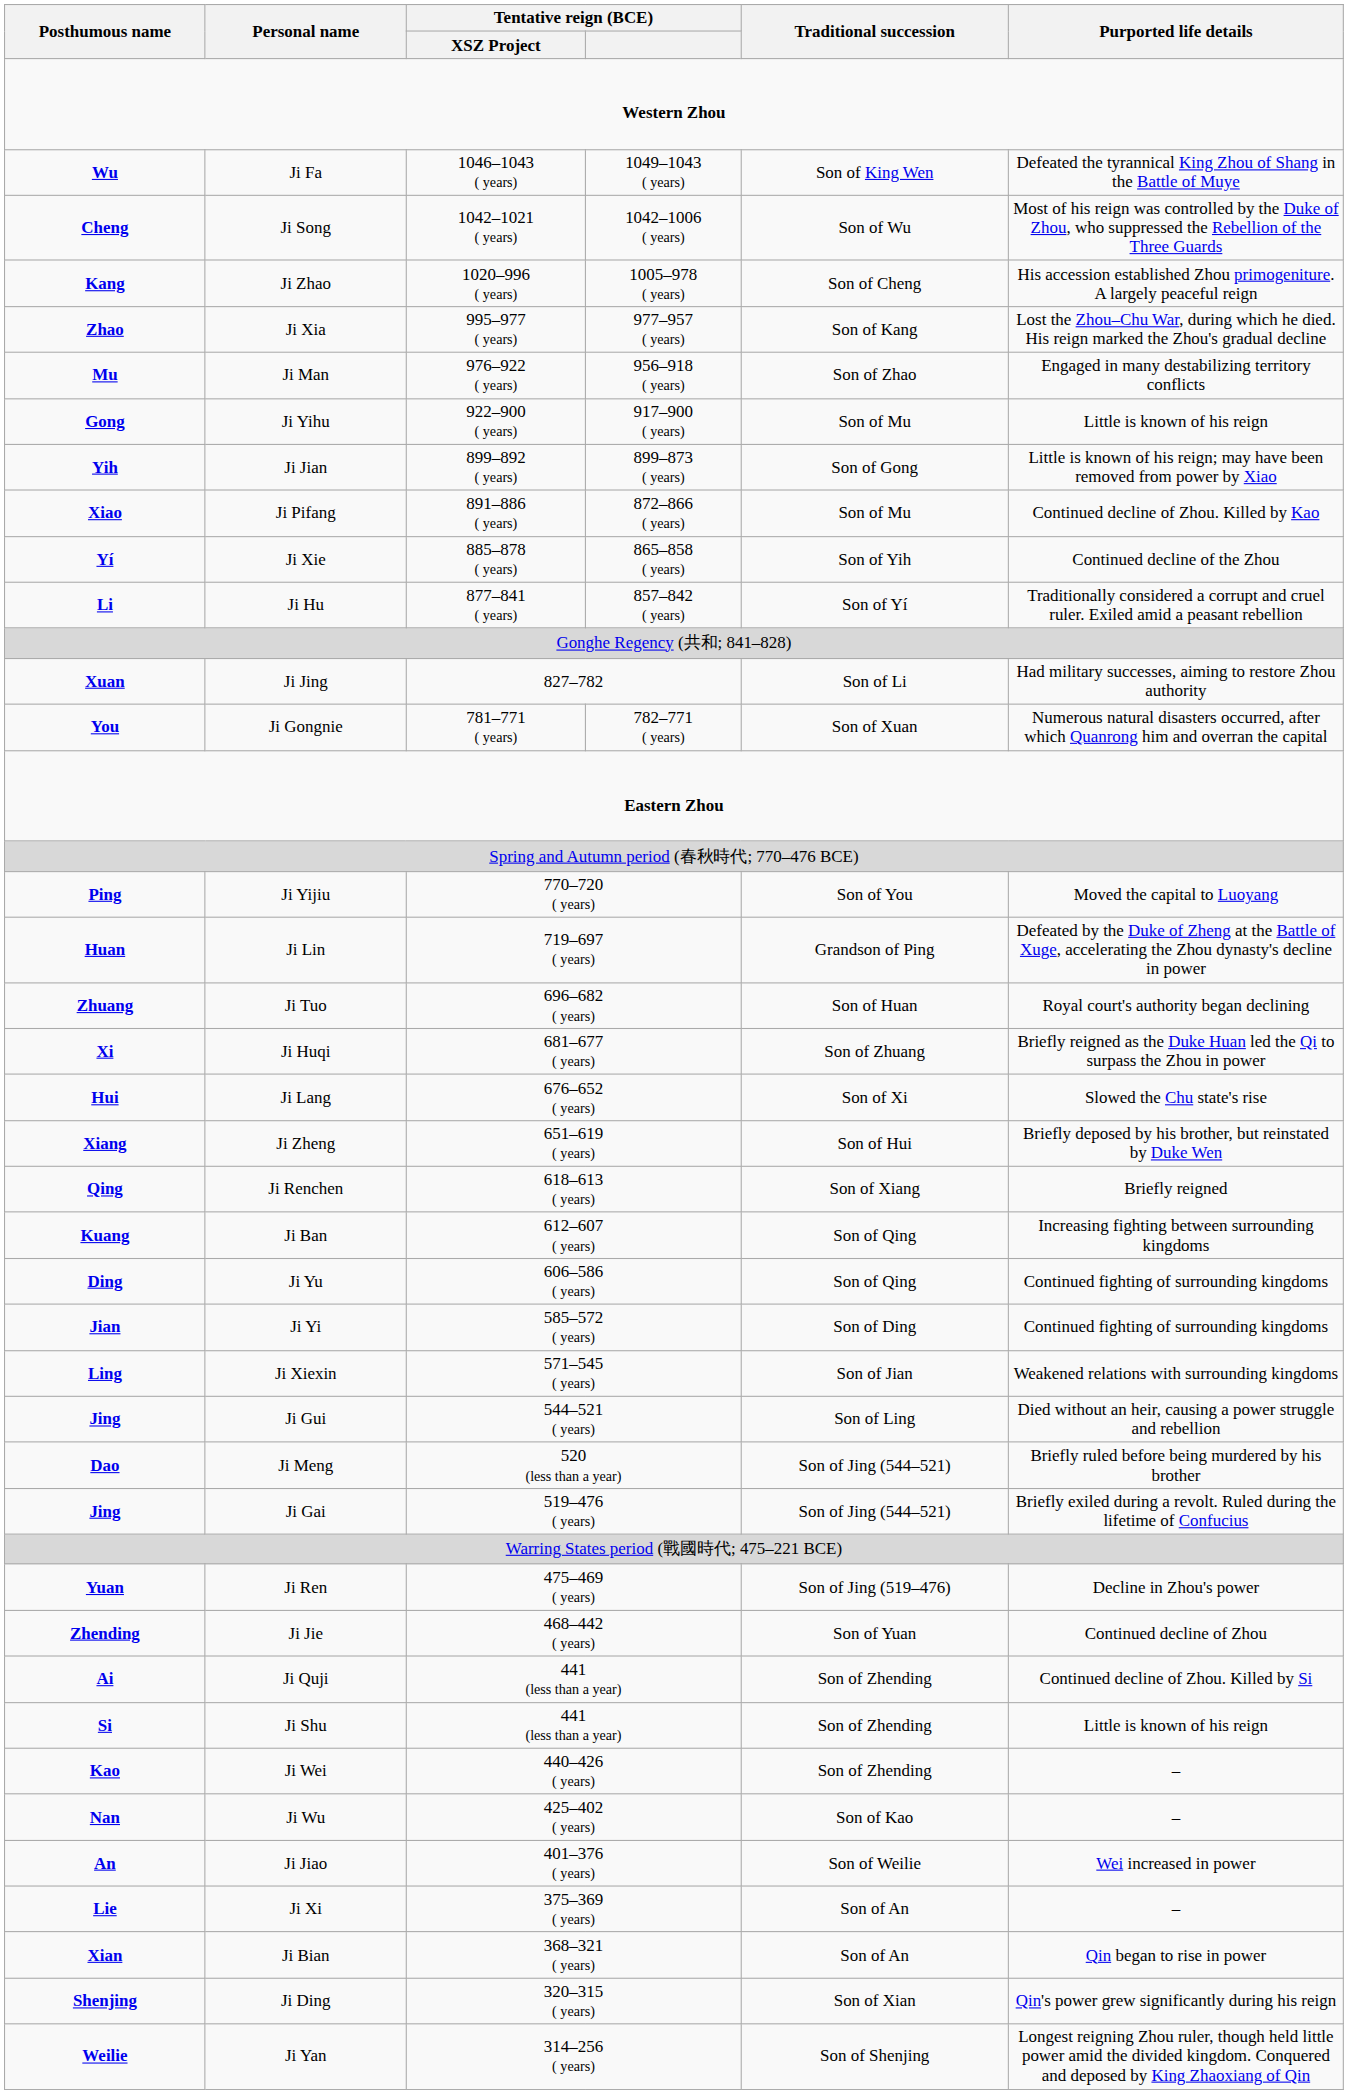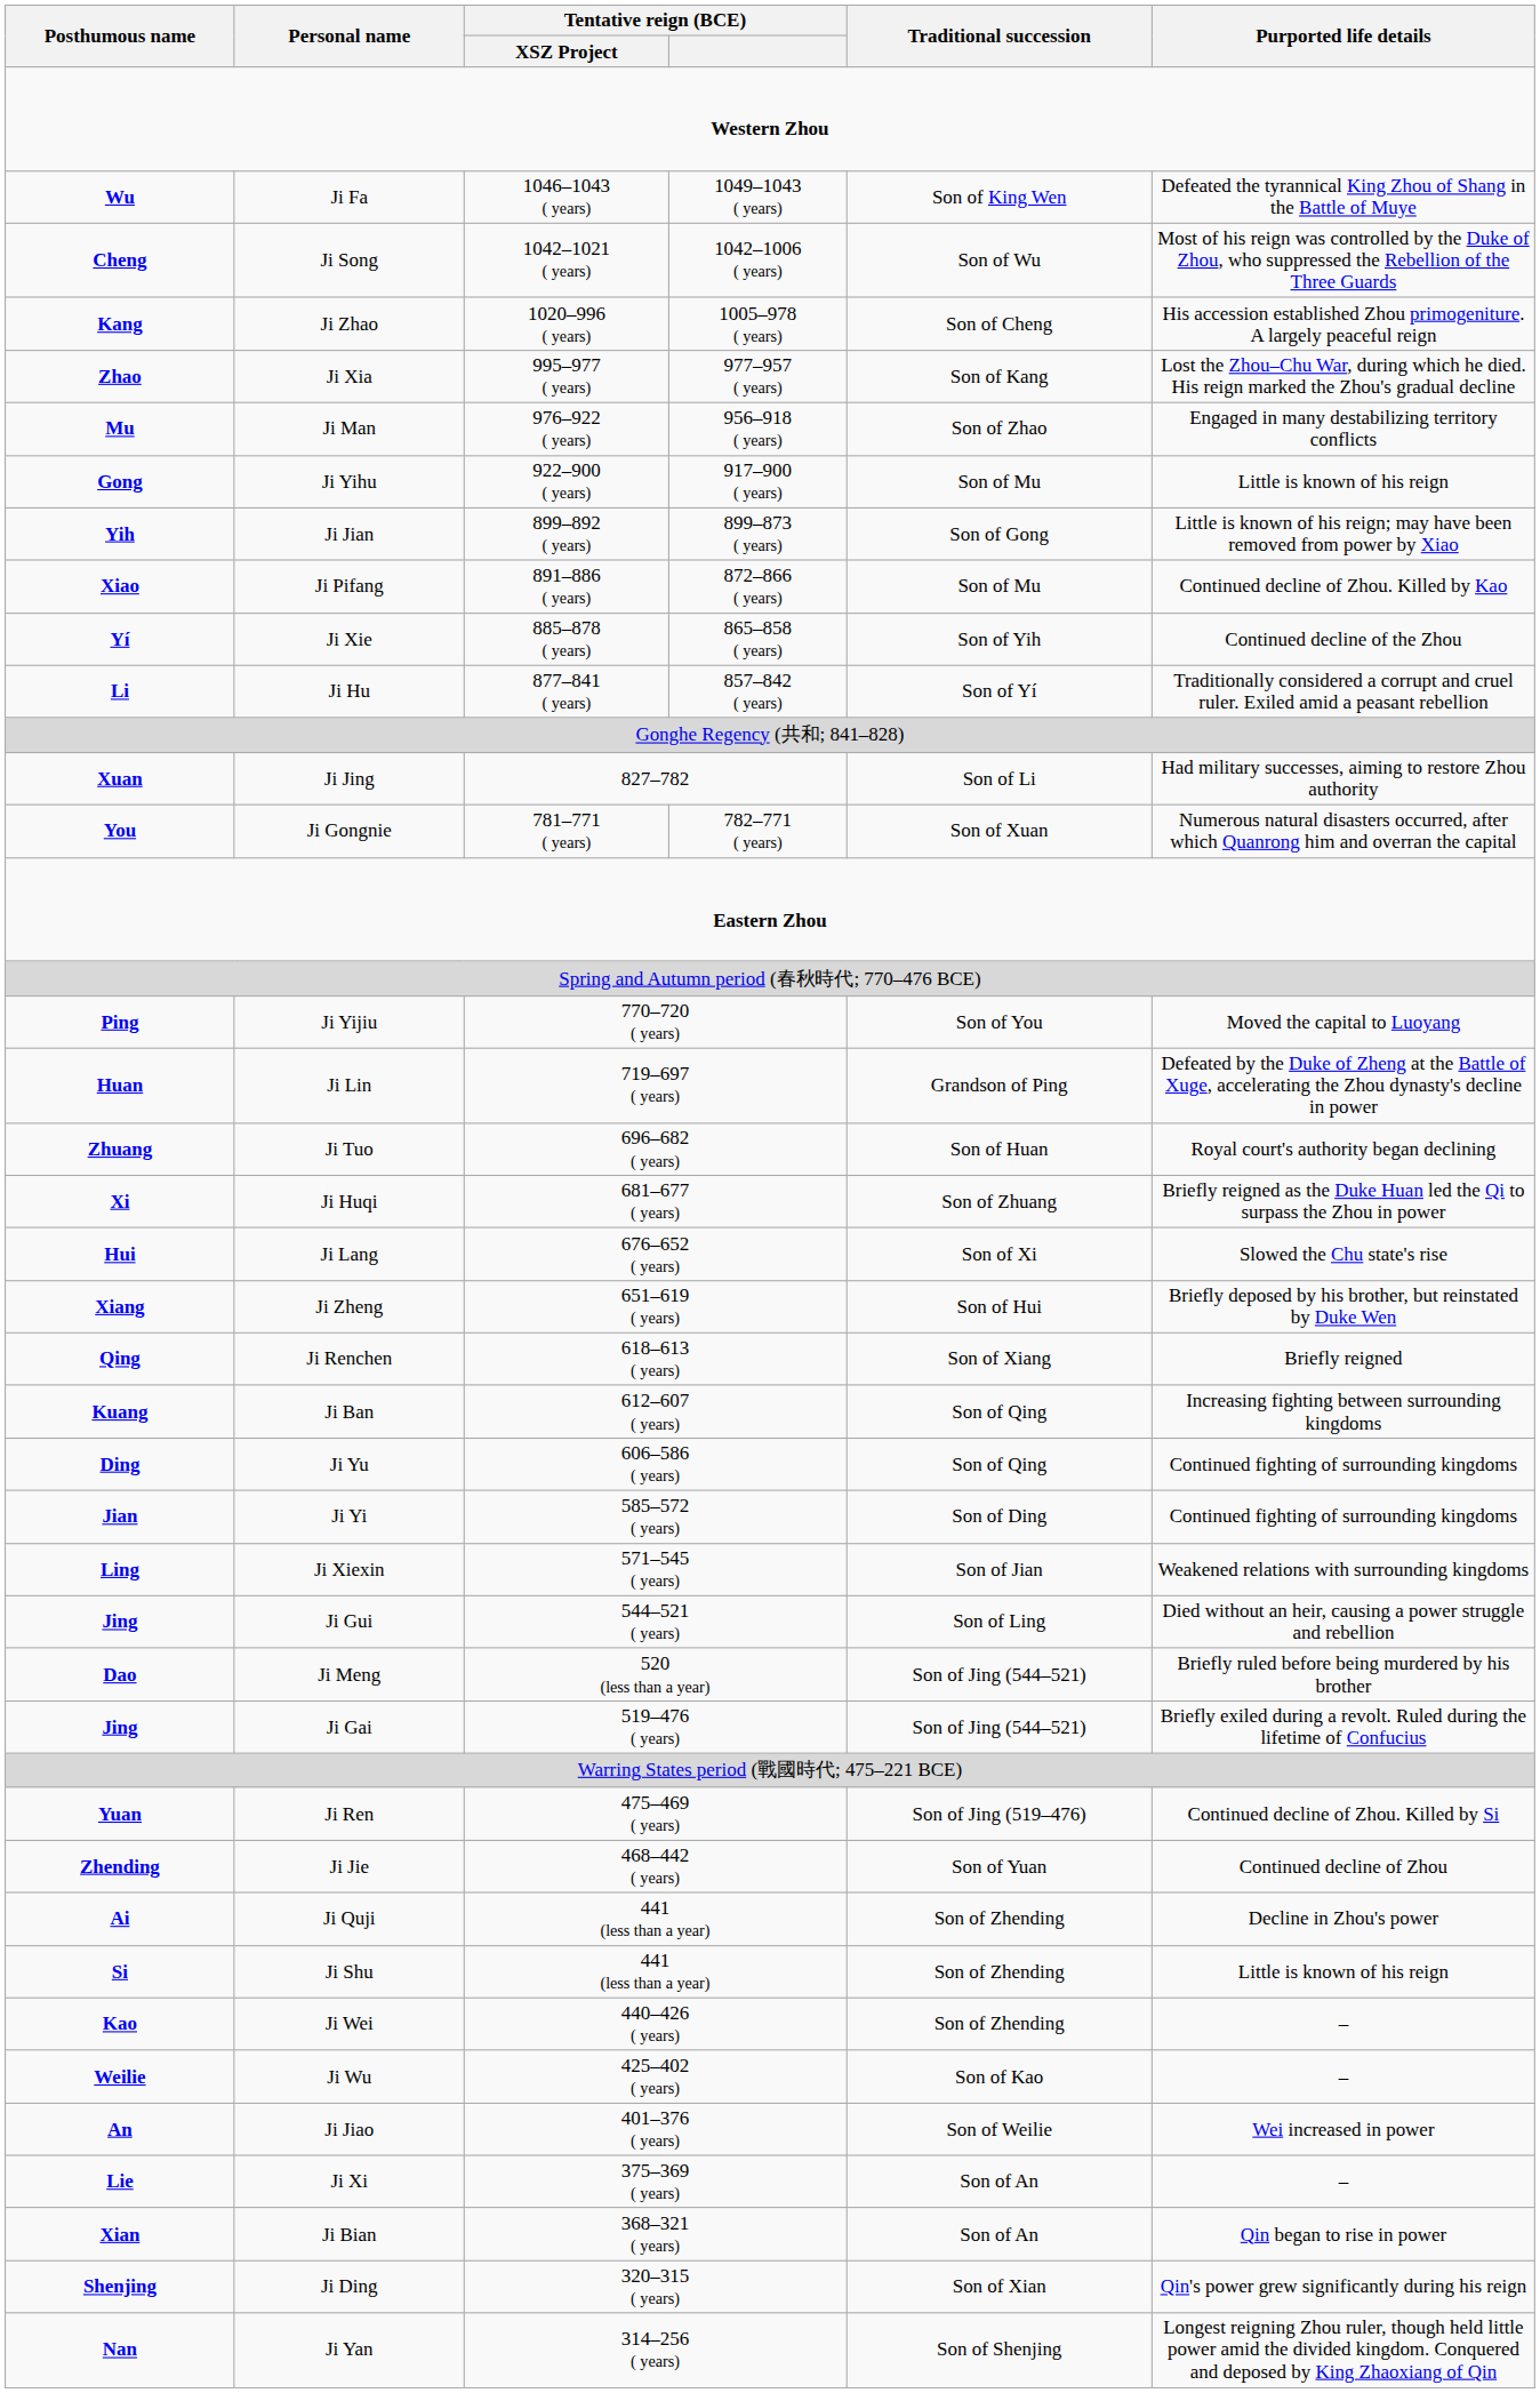 <table class="wikitable plainrowheaders" style="text-align:center; width:100%;">
 <tr>
 <th scope="col" rowspan="2" width="15%">Posthumous name</th>
 <th scope="col" rowspan="2" width="15%">Personal name</th>
 <th scope="col" colspan="2" width="25%">Tentative reign (BCE)</th>
 <th scope="col" rowspan="2" width="20%">Traditional succession</th>
 <th scope="col" rowspan="2" width="25%">Purported life details</th>
 </tr>
 <tr>
 <th>XSZ Project</th>
 <th></th>
 </tr>
 <tr>
 <td colspan="7"><br><h4>Western Zhou</h4></td>
 </tr>
 <tr>
 <td><strong><a href='#'>Wu</a></strong><br></td>
 <td>Ji Fa<br></td>
 <td>1046–1043<br><small>( years)</small></td>
 <td>1049–1043<br><small>( years)</small></td>
 <td>Son of <a href='#'>King Wen</a></td>
 <td>Defeated the tyrannical <a href='#'>King Zhou of Shang</a> in the <a href='#'>Battle of Muye</a></td>
 </tr>
 <tr>
 <td><strong><a href='#'>Cheng</a></strong><br></td>
 <td>Ji Song<br></td>
 <td>1042–1021<br><small>( years)</small></td>
 <td>1042–1006<br><small>( years)</small></td>
 <td>Son of Wu</td>
 <td>Most of his reign was controlled by the <a href='#'>Duke of Zhou</a>, who suppressed the <a href='#'>Rebellion of the Three Guards</a></td>
 </tr>
 <tr>
 <td><strong><a href='#'>Kang</a></strong><br></td>
 <td>Ji Zhao<br></td>
 <td>1020–996<br><small>( years)</small></td>
 <td>1005–978<br><small>( years)</small></td>
 <td>Son of Cheng</td>
 <td>His accession established Zhou <a href='#'>primogeniture</a>. A largely peaceful reign</td>
 </tr>
 <tr>
 <td><strong><a href='#'>Zhao</a></strong><br></td>
 <td>Ji Xia<br></td>
 <td>995–977<br><small>( years)</small></td>
 <td>977–957<br><small>( years)</small></td>
 <td>Son of Kang</td>
 <td>Lost the <a href='#'>Zhou–Chu War</a>, during which he died. His reign marked the Zhou's gradual decline</td>
 </tr>
 <tr>
 <td><strong><a href='#'>Mu</a></strong><br></td>
 <td>Ji Man<br></td>
 <td>976–922<br><small>( years)</small></td>
 <td>956–918<br><small>( years)</small></td>
 <td>Son of Zhao</td>
 <td>Engaged in many destabilizing territory conflicts</td>
 </tr>
 <tr>
 <td><strong><a href='#'>Gong</a></strong><br></td>
 <td>Ji Yihu<br></td>
 <td>922–900<br><small>( years)</small></td>
 <td>917–900<br><small>( years)</small></td>
 <td>Son of Mu</td>
 <td>Little is known of his reign</td>
 </tr>
 <tr>
 <td><strong><a href='#'>Yih</a></strong><br></td>
 <td>Ji Jian<br></td>
 <td>899–892<br><small>( years)</small></td>
 <td>899–873<br><small>( years)</small></td>
 <td>Son of Gong</td>
 <td>Little is known of his reign; may have been removed from power by <a href='#'>Xiao</a></td>
 </tr>
 <tr>
 <td><strong><a href='#'>Xiao</a></strong><br></td>
 <td>Ji Pifang<br></td>
 <td>891–886<br><small>( years)</small></td>
 <td>872–866<br><small>( years)</small></td>
 <td>Son of Mu</td>
 <td>Continued decline of Zhou. Killed by <a href='#'>Kao</a></td>
 </tr>
 <tr>
 <td><strong><a href='#'>Yí</a></strong><br></td>
 <td>Ji Xie<br></td>
 <td>885–878<br><small>( years)</small></td>
 <td>865–858<br><small>( years)</small></td>
 <td>Son of Yih</td>
 <td>Continued decline of the Zhou</td>
 </tr>
 <tr>
 <td><strong><a href='#'>Li</a></strong><br></td>
 <td>Ji Hu<br></td>
 <td>877–841<br><small>( years)</small></td>
 <td>857–842<br><small>( years)</small></td>
 <td>Son of Yí</td>
 <td>Traditionally considered a corrupt and cruel ruler. Exiled amid a peasant rebellion</td>
 </tr>
 <tr>
 <td colspan="7" style="background-color: #D8D8D8"><a href='#'>Gonghe Regency</a> (共和; 841–828)</td>
 </tr>
 <tr>
 <td><strong><a href='#'>Xuan</a></strong><br></td>
 <td>Ji Jing<br></td>
 <td colspan="2">827–782</td>
 <td>Son of Li</td>
 <td>Had military successes, aiming to restore Zhou authority</td>
 </tr>
 <tr>
 <td><strong><a href='#'>You</a></strong><br></td>
 <td>Ji Gongnie<br></td>
 <td>781–771<br><small>( years)</small></td>
 <td>782–771<br><small>( years)</small></td>
 <td>Son of Xuan</td>
 <td>Numerous natural disasters occurred, after which <a href='#'>Quanrong</a> him and overran the capital</td>
 </tr>
 <tr>
 <td colspan="7"><br><h4>Eastern Zhou</h4></td>
 </tr>
 <tr>
 <td colspan="7" style="background-color: #D8D8D8"><a href='#'>Spring and Autumn period</a> (春秋時代; 770–476 BCE)</td>
 </tr>
 <tr>
 <td><strong><a href='#'>Ping</a></strong><br></td>
 <td>Ji Yijiu<br></td>
 <td colspan="2">770–720<br><small>( years)</small></td>
 <td>Son of You</td>
 <td>Moved the capital to <a href='#'>Luoyang</a></td>
 </tr>
 <tr>
 <td><strong><a href='#'>Huan</a></strong><br></td>
 <td>Ji Lin<br></td>
 <td colspan="2">719–697<br><small>( years)</small></td>
 <td>Grandson of Ping</td>
 <td>Defeated by the <a href='#'>Duke of Zheng</a> at the <a href='#'>Battle of Xuge</a>, accelerating the Zhou dynasty's decline in power</td>
 </tr>
 <tr>
 <td><strong><a href='#'>Zhuang</a></strong><br></td>
 <td>Ji Tuo<br></td>
 <td colspan="2">696–682<br><small>( years)</small></td>
 <td>Son of Huan</td>
 <td>Royal court's authority began declining</td>
 </tr>
 <tr>
 <td><strong><a href='#'>Xi</a></strong><br></td>
 <td>Ji Huqi<br></td>
 <td colspan="2">681–677<br><small>( years)</small></td>
 <td>Son of Zhuang</td>
 <td>Briefly reigned as the <a href='#'>Duke Huan</a> led the <a href='#'>Qi</a> to surpass the Zhou in power</td>
 </tr>
 <tr>
 <td><strong><a href='#'>Hui</a></strong><br></td>
 <td>Ji Lang<br></td>
 <td colspan="2">676–652<br><small>( years)</small></td>
 <td>Son of Xi</td>
 <td>Slowed the <a href='#'>Chu</a> state's rise</td>
 </tr>
 <tr>
 <td><strong><a href='#'>Xiang</a></strong><br></td>
 <td>Ji Zheng<br></td>
 <td colspan="2">651–619<br><small>( years)</small></td>
 <td>Son of Hui</td>
 <td>Briefly deposed by his brother, but reinstated by <a href='#'>Duke Wen</a></td>
 </tr>
 <tr>
 <td><strong><a href='#'>Qing</a></strong><br></td>
 <td>Ji Renchen<br></td>
 <td colspan="2">618–613<br><small>( years)</small></td>
 <td>Son of Xiang</td>
 <td>Briefly reigned</td>
 </tr>
 <tr>
 <td><strong><a href='#'>Kuang</a></strong><br></td>
 <td>Ji Ban<br></td>
 <td colspan="2">612–607<br><small>( years)</small></td>
 <td>Son of Qing</td>
 <td>Increasing fighting between surrounding kingdoms</td>
 </tr>
 <tr>
 <td><strong><a href='#'>Ding</a></strong><br></td>
 <td>Ji Yu<br></td>
 <td colspan="2">606–586<br><small>( years)</small></td>
 <td>Son of Qing</td>
 <td>Continued fighting of surrounding kingdoms</td>
 </tr>
 <tr>
 <td><strong><a href='#'>Jian</a></strong><br></td>
 <td>Ji Yi<br></td>
 <td colspan="2">585–572<br><small>( years)</small></td>
 <td>Son of Ding</td>
 <td>Continued fighting of surrounding kingdoms</td>
 </tr>
 <tr>
 <td><strong><a href='#'>Ling</a></strong><br></td>
 <td>Ji Xiexin<br></td>
 <td colspan="2">571–545<br><small>( years)</small></td>
 <td>Son of Jian</td>
 <td>Weakened relations with surrounding kingdoms</td>
 </tr>
 <tr>
 <td><strong><a href='#'>Jing</a></strong><br></td>
 <td>Ji Gui<br></td>
 <td colspan="2">544–521<br><small>( years)</small></td>
 <td>Son of Ling</td>
 <td>Died without an heir, causing a power struggle and rebellion</td>
 </tr>
 <tr>
 <td><strong><a href='#'>Dao</a></strong><br></td>
 <td>Ji Meng<br></td>
 <td colspan="2">520<br><small>(less than a year)</small></td>
 <td>Son of Jing (544–521)</td>
 <td>Briefly ruled before being murdered by his brother</td>
 </tr>
 <tr>
 <td><strong><a href='#'>Jing</a></strong><br></td>
 <td>Ji Gai<br></td>
 <td colspan="2">519–476<br><small>( years)</small></td>
 <td>Son of Jing (544–521)</td>
 <td>Briefly exiled during a revolt. Ruled during the lifetime of <a href='#'>Confucius</a></td>
 </tr>
 <tr>
 <td colspan="7" style="background-color: #D8D8D8"><a href='#'>Warring States period</a> (戰國時代; 475–221 BCE)</td>
 </tr>
 <tr>
 <td><strong><a href='#'>Yuan</a></strong><br></td>
 <td>Ji Ren<br></td>
 <td colspan="2">475–469<br><small>( years)</small></td>
 <td>Son of Jing (519–476)</td>
-<td>Decline in Zhou's power</td>
+<td>Continued decline of Zhou. Killed by <a href='#'>Si</a></td>
 </tr>
 <tr>
 <td><strong><a href='#'>Zhending</a></strong><br></td>
 <td>Ji Jie<br></td>
 <td colspan="2">468–442<br><small>( years)</small></td>
 <td>Son of Yuan</td>
 <td>Continued decline of Zhou</td>
 </tr>
 <tr>
 <td><strong><a href='#'>Ai</a></strong><br></td>
 <td>Ji Quji<br></td>
 <td colspan="2">441<br><small>(less than a year)</small></td>
 <td>Son of Zhending</td>
-<td>Continued decline of Zhou. Killed by <a href='#'>Si</a></td>
+<td>Decline in Zhou's power</td>
 </tr>
 <tr>
 <td><strong><a href='#'>Si</a></strong><br></td>
 <td>Ji Shu<br></td>
 <td colspan="2">441<br><small>(less than a year)</small></td>
 <td>Son of Zhending</td>
 <td>Little is known of his reign</td>
 </tr>
 <tr>
 <td><strong><a href='#'>Kao</a></strong><br></td>
 <td>Ji Wei<br></td>
 <td colspan="2">440–426<br><small>( years)</small></td>
 <td>Son of Zhending</td>
 <td>–</td>
 </tr>
 <tr>
-<td><strong><a href='#'>Nan</a></strong><br></td>
+<td><strong><a href='#'>Weilie</a></strong><br></td>
 <td>Ji Wu<br></td>
 <td colspan="2">425–402<br><small>( years)</small></td>
 <td>Son of Kao</td>
 <td>–</td>
 </tr>
 <tr>
 <td><strong><a href='#'>An</a></strong><br></td>
 <td>Ji Jiao<br></td>
 <td colspan="2">401–376<br><small>( years)</small></td>
 <td>Son of Weilie</td>
 <td><a href='#'>Wei</a> increased in power</td>
 </tr>
 <tr>
 <td><strong><a href='#'>Lie</a></strong><br></td>
 <td>Ji Xi<br></td>
 <td colspan="2">375–369<br><small>( years)</small></td>
 <td>Son of An</td>
 <td>–</td>
 </tr>
 <tr>
 <td><strong><a href='#'>Xian</a></strong><br></td>
 <td>Ji Bian<br></td>
 <td colspan="2">368–321<br><small>( years)</small></td>
 <td>Son of An</td>
 <td><a href='#'>Qin</a> began to rise in power</td>
 </tr>
 <tr>
 <td><strong><a href='#'>Shenjing</a></strong><br></td>
 <td>Ji Ding<br></td>
 <td colspan="2">320–315<br><small>( years)</small></td>
 <td>Son of Xian</td>
 <td><a href='#'>Qin</a>'s power grew significantly during his reign</td>
 </tr>
 <tr>
-<td><strong><a href='#'>Weilie</a></strong><br></td>
+<td><strong><a href='#'>Nan</a></strong><br></td>
 <td>Ji Yan<br></td>
 <td colspan="2">314–256<br><small>( years)</small></td>
 <td>Son of Shenjing</td>
 <td>Longest reigning Zhou ruler, though held little power amid the divided kingdom. Conquered and deposed by <a href='#'>King Zhaoxiang of Qin</a></td>
 </tr>
 </table>
